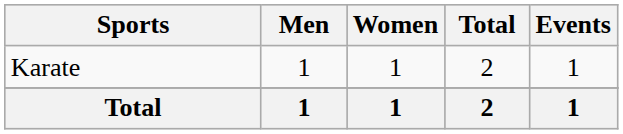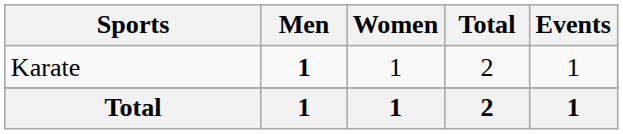 <table class="wikitable sortable" style="text-align:center;">
 <tr>
 <th width=150>Sports</th>
 <th width=45>Men</th>
 <th width=45>Women</th>
 <th width=45>Total</th>
 <th width=45>Events</th>
 </tr>
 <tr>
 <td align=left>Karate</td>
-<td>1</td>
+<td><strong>1</strong></td>
 <td>1</td>
 <td>2</td>
 <td>1</td>
 </tr>
 <tr>
 </tr>
 <tr class="sortbottom">
 <th>Total</th>
 <th>1</th>
 <th>1</th>
 <th>2</th>
 <th>1</th>
 </tr>
 </table>
